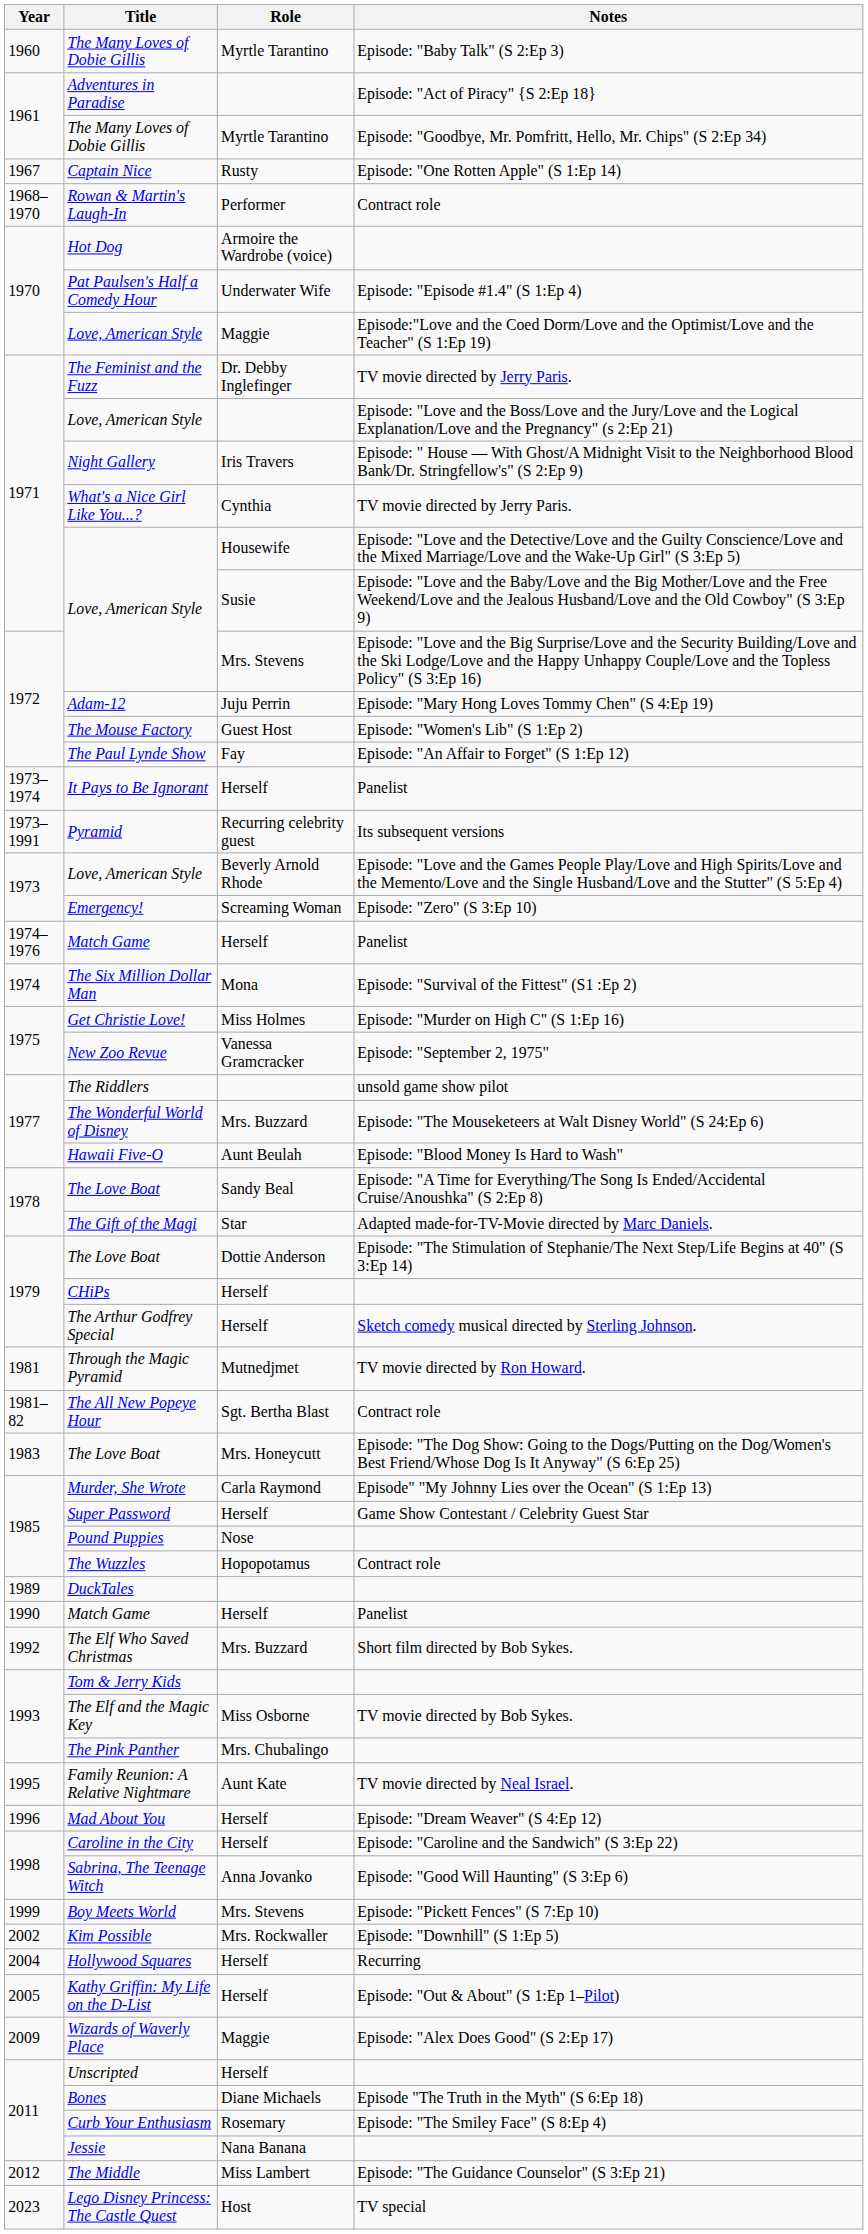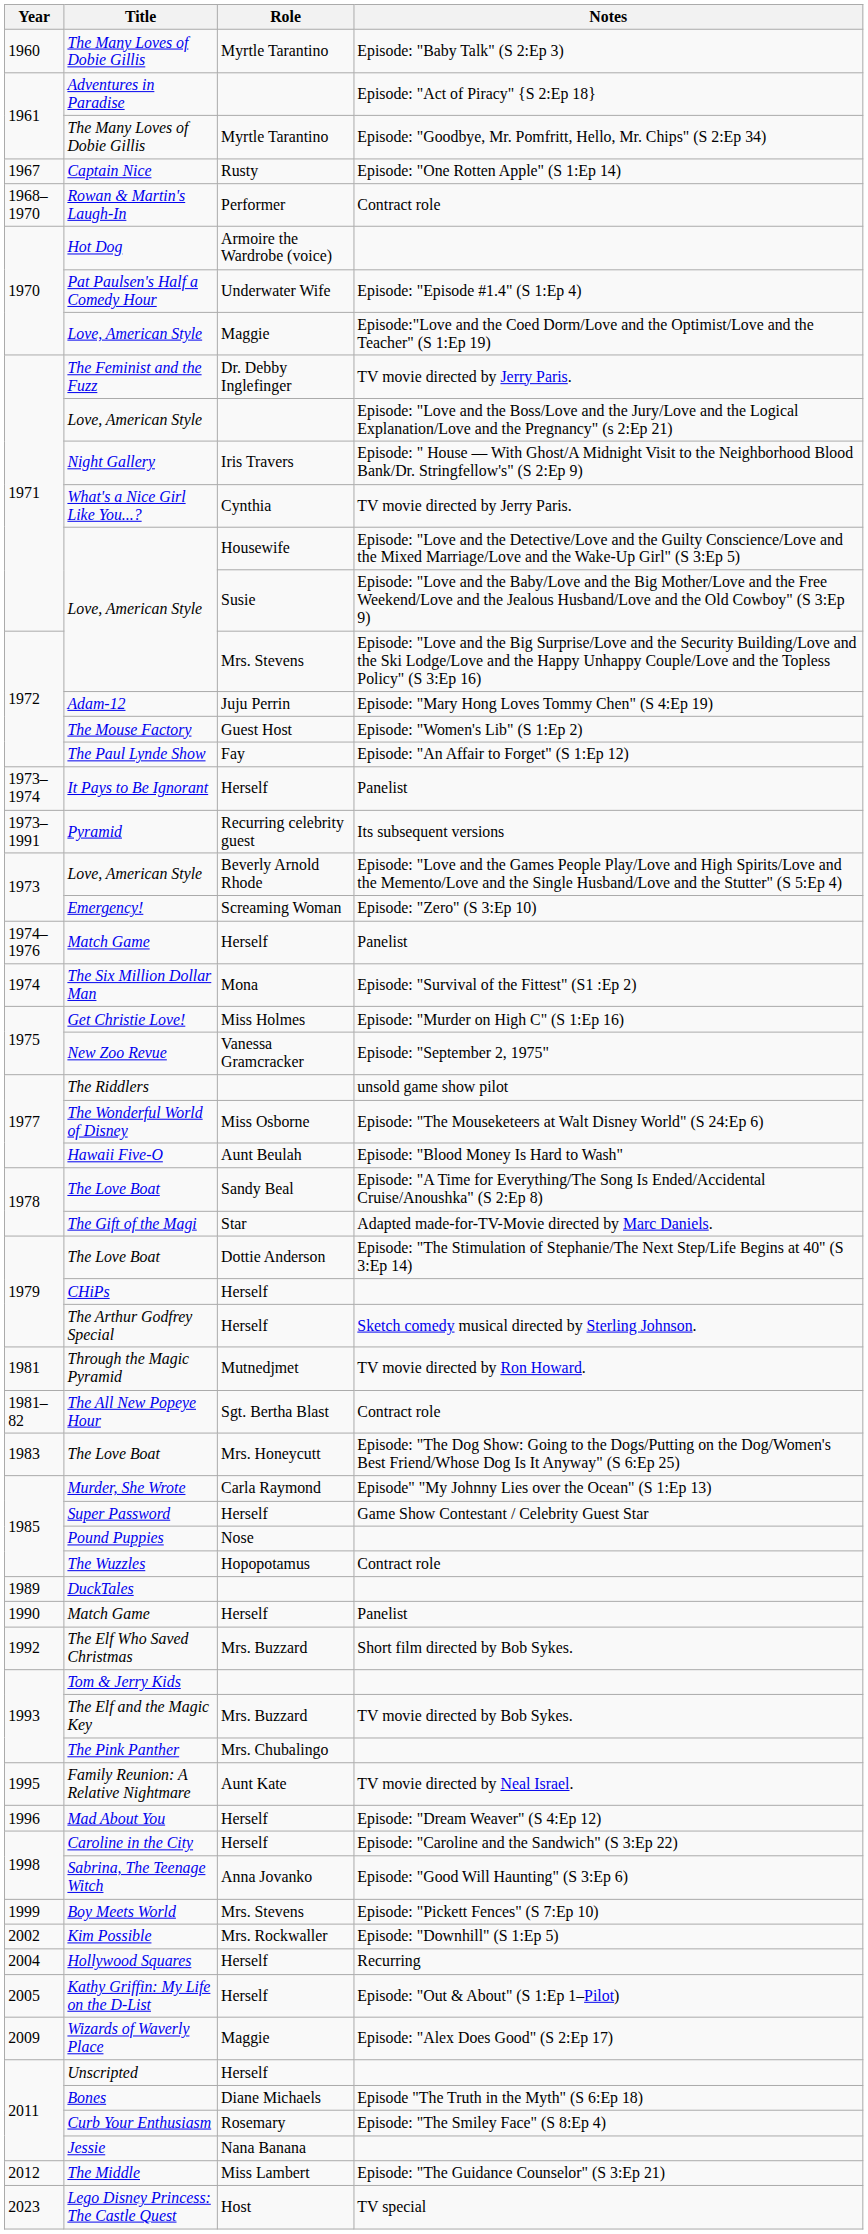 <table class="wikitable">
 <tr>
 <th>Year</th>
 <th>Title</th>
 <th>Role</th>
 <th>Notes</th>
 </tr>
 <tr>
 <td>1960</td>
 <td><em><a href='#'>The Many Loves of Dobie Gillis</a></em></td>
 <td>Myrtle Tarantino</td>
 <td>Episode: "Baby Talk" (S 2:Ep 3)</td>
 </tr>
 <tr>
 <td rowspan="2">1961</td>
 <td><em><a href='#'>Adventures in Paradise</a></em></td>
 <td></td>
 <td>Episode: "Act of Piracy" {S 2:Ep 18}</td>
 </tr>
 <tr>
 <td><em>The Many Loves of Dobie Gillis</em></td>
 <td>Myrtle Tarantino</td>
 <td>Episode: "Goodbye, Mr. Pomfritt, Hello, Mr. Chips" (S 2:Ep 34)</td>
 </tr>
 <tr>
 <td>1967</td>
 <td><em><a href='#'>Captain Nice</a></em></td>
 <td>Rusty</td>
 <td>Episode: "One Rotten Apple" (S 1:Ep 14)</td>
 </tr>
 <tr>
 <td>1968–1970</td>
 <td><em><a href='#'>Rowan & Martin's Laugh-In</a></em></td>
 <td>Performer</td>
 <td>Contract role</td>
 </tr>
 <tr>
 <td rowspan="3">1970</td>
 <td><em><a href='#'>Hot Dog</a></em></td>
 <td>Armoire the Wardrobe (voice)</td>
 <td></td>
 </tr>
 <tr>
 <td><em><a href='#'>Pat Paulsen's Half a Comedy Hour</a></em></td>
 <td>Underwater Wife</td>
 <td>Episode: "Episode #1.4" (S 1:Ep 4)</td>
 </tr>
 <tr>
 <td><em><a href='#'>Love, American Style</a></em></td>
 <td>Maggie</td>
 <td>Episode:"Love and the Coed Dorm/Love and the Optimist/Love and the Teacher" (S 1:Ep 19)</td>
 </tr>
 <tr>
 <td rowspan="6">1971</td>
 <td><em><a href='#'>The Feminist and the Fuzz</a></em></td>
 <td>Dr. Debby Inglefinger</td>
 <td>TV movie directed by <a href='#'>Jerry Paris</a>.</td>
 </tr>
 <tr>
 <td><em>Love, American Style</em></td>
 <td></td>
 <td>Episode: "Love and the Boss/Love and the Jury/Love and the Logical Explanation/Love and the Pregnancy" (s 2:Ep 21)</td>
 </tr>
 <tr>
 <td><em><a href='#'>Night Gallery</a></em></td>
 <td>Iris Travers</td>
 <td>Episode: " House — With Ghost/A Midnight Visit to the Neighborhood Blood Bank/Dr. Stringfellow's" (S 2:Ep 9)</td>
 </tr>
 <tr>
 <td><em><a href='#'>What's a Nice Girl Like You...?</a></em></td>
 <td>Cynthia</td>
 <td>TV movie directed by Jerry Paris.</td>
 </tr>
 <tr>
 <td rowspan="3"><em>Love, American Style</em></td>
 <td>Housewife</td>
 <td>Episode: "Love and the Detective/Love and the Guilty Conscience/Love and the Mixed Marriage/Love and the Wake-Up Girl" (S 3:Ep 5)</td>
 </tr>
 <tr>
 <td>Susie</td>
 <td>Episode: "Love and the Baby/Love and the Big Mother/Love and the Free Weekend/Love and the Jealous Husband/Love and the Old Cowboy" (S 3:Ep 9)</td>
 </tr>
 <tr>
 <td rowspan="4">1972</td>
 <td>Mrs. Stevens</td>
 <td>Episode: "Love and the Big Surprise/Love and the Security Building/Love and the Ski Lodge/Love and the Happy Unhappy Couple/Love and the Topless Policy" (S 3:Ep 16)</td>
 </tr>
 <tr>
 <td><em><a href='#'>Adam-12</a></em></td>
 <td>Juju Perrin</td>
 <td>Episode: "Mary Hong Loves Tommy Chen" (S 4:Ep 19)</td>
 </tr>
 <tr>
 <td><em><a href='#'>The Mouse Factory</a></em></td>
 <td>Guest Host</td>
 <td>Episode: "Women's Lib" (S 1:Ep 2)</td>
 </tr>
 <tr>
 <td><em><a href='#'>The Paul Lynde Show</a></em></td>
 <td>Fay</td>
 <td>Episode: "An Affair to Forget" (S 1:Ep 12)</td>
 </tr>
 <tr>
 <td>1973–1974</td>
 <td><em><a href='#'>It Pays to Be Ignorant</a></em></td>
 <td>Herself</td>
 <td>Panelist</td>
 </tr>
 <tr>
 <td>1973–1991</td>
 <td><em><a href='#'>Pyramid</a></em></td>
 <td>Recurring celebrity guest</td>
 <td>Its subsequent versions</td>
 </tr>
 <tr>
 <td rowspan="2">1973</td>
 <td><em>Love, American Style</em></td>
 <td>Beverly Arnold Rhode</td>
 <td>Episode: "Love and the Games People Play/Love and High Spirits/Love and the Memento/Love and the Single Husband/Love and the Stutter" (S 5:Ep 4)</td>
 </tr>
 <tr>
 <td><em><a href='#'>Emergency!</a></em></td>
 <td>Screaming Woman</td>
 <td>Episode: "Zero" (S 3:Ep 10)</td>
 </tr>
 <tr>
 <td>1974–1976</td>
 <td><em><a href='#'>Match Game</a></em></td>
 <td>Herself</td>
 <td>Panelist</td>
 </tr>
 <tr>
 <td>1974</td>
 <td><em><a href='#'>The Six Million Dollar Man</a></em></td>
 <td>Mona</td>
 <td>Episode: "Survival of the Fittest" (S1 :Ep 2)</td>
 </tr>
 <tr>
 <td rowspan="2">1975</td>
 <td><em><a href='#'>Get Christie Love!</a></em></td>
 <td>Miss Holmes</td>
 <td>Episode: "Murder on High C" (S 1:Ep 16)</td>
 </tr>
 <tr>
 <td><em><a href='#'>New Zoo Revue</a></em></td>
 <td>Vanessa Gramcracker</td>
 <td>Episode: "September 2, 1975"</td>
 </tr>
 <tr>
 <td rowspan="3">1977</td>
 <td><em>The Riddlers</em></td>
 <td></td>
 <td>unsold game show pilot</td>
 </tr>
 <tr>
 <td><em><a href='#'>The Wonderful World of Disney</a></em></td>
-<td>Mrs. Buzzard</td>
+<td>Miss Osborne</td>
 <td>Episode: "The Mouseketeers at Walt Disney World" (S 24:Ep 6)</td>
 </tr>
 <tr>
 <td><em><a href='#'>Hawaii Five-O</a></em></td>
 <td>Aunt Beulah</td>
 <td>Episode: "Blood Money Is Hard to Wash"</td>
 </tr>
 <tr>
 <td rowspan="2">1978</td>
 <td><em><a href='#'>The Love Boat</a></em></td>
 <td>Sandy Beal</td>
 <td>Episode: "A Time for Everything/The Song Is Ended/Accidental Cruise/Anoushka" (S 2:Ep 8)</td>
 </tr>
 <tr>
 <td><em><a href='#'>The Gift of the Magi</a></em></td>
 <td>Star</td>
 <td>Adapted made-for-TV-Movie directed by <a href='#'>Marc Daniels</a>.</td>
 </tr>
 <tr>
 <td rowspan="3">1979</td>
 <td><em>The Love Boat</em></td>
 <td>Dottie Anderson</td>
 <td>Episode: "The Stimulation of Stephanie/The Next Step/Life Begins at 40" (S 3:Ep 14)</td>
 </tr>
 <tr>
 <td><em><a href='#'>CHiPs</a></em></td>
 <td>Herself</td>
 <td></td>
 </tr>
 <tr>
 <td><em>The Arthur Godfrey Special</em></td>
 <td>Herself</td>
 <td><a href='#'>Sketch comedy</a> musical directed by <a href='#'>Sterling Johnson</a>.</td>
 </tr>
 <tr>
 <td>1981</td>
 <td><em>Through the Magic Pyramid</em></td>
 <td>Mutnedjmet</td>
 <td>TV movie directed by <a href='#'>Ron Howard</a>.</td>
 </tr>
 <tr>
 <td>1981–82</td>
 <td><em><a href='#'>The All New Popeye Hour</a></em></td>
 <td>Sgt. Bertha Blast</td>
 <td>Contract role</td>
 </tr>
 <tr>
 <td>1983</td>
 <td><em>The Love Boat</em></td>
 <td>Mrs. Honeycutt</td>
 <td>Episode: "The Dog Show: Going to the Dogs/Putting on the Dog/Women's Best Friend/Whose Dog Is It Anyway" (S 6:Ep 25)</td>
 </tr>
 <tr>
 <td rowspan="4">1985</td>
 <td><em><a href='#'>Murder, She Wrote</a></em></td>
 <td>Carla Raymond</td>
 <td>Episode" "My Johnny Lies over the Ocean" (S 1:Ep 13)</td>
 </tr>
 <tr>
 <td><em><a href='#'>Super Password</a></em></td>
 <td>Herself</td>
 <td>Game Show Contestant / Celebrity Guest Star</td>
 </tr>
 <tr>
 <td><em><a href='#'>Pound Puppies</a></em></td>
 <td>Nose</td>
 <td></td>
 </tr>
 <tr>
 <td><em><a href='#'>The Wuzzles</a></em></td>
 <td>Hopopotamus</td>
 <td>Contract role</td>
 </tr>
 <tr>
 <td>1989</td>
 <td><em><a href='#'>DuckTales</a></em></td>
 <td></td>
 <td></td>
 </tr>
 <tr>
 <td>1990</td>
 <td><em>Match Game</em></td>
 <td>Herself</td>
 <td>Panelist</td>
 </tr>
 <tr>
 <td>1992</td>
 <td><em>The Elf Who Saved Christmas</em></td>
 <td>Mrs. Buzzard</td>
 <td>Short film directed by Bob Sykes.</td>
 </tr>
 <tr>
 <td rowspan="3">1993</td>
 <td><em><a href='#'>Tom & Jerry Kids</a></em></td>
 <td></td>
 <td></td>
 </tr>
 <tr>
 <td><em>The Elf and the Magic Key</em></td>
-<td>Miss Osborne</td>
+<td>Mrs. Buzzard</td>
 <td>TV movie directed by Bob Sykes.</td>
 </tr>
 <tr>
 <td><em><a href='#'>The Pink Panther</a></em></td>
 <td>Mrs. Chubalingo</td>
 <td></td>
 </tr>
 <tr>
 <td>1995</td>
 <td><em>Family Reunion: A Relative Nightmare</em></td>
 <td>Aunt Kate</td>
 <td>TV movie directed by <a href='#'>Neal Israel</a>.</td>
 </tr>
 <tr>
 <td>1996</td>
 <td><em><a href='#'>Mad About You</a></em></td>
 <td>Herself</td>
 <td>Episode: "Dream Weaver" (S 4:Ep 12)</td>
 </tr>
 <tr>
 <td rowspan="2">1998</td>
 <td><em><a href='#'>Caroline in the City</a></em></td>
 <td>Herself</td>
 <td>Episode: "Caroline and the Sandwich" (S 3:Ep 22)</td>
 </tr>
 <tr>
 <td><em><a href='#'>Sabrina, The Teenage Witch</a></em></td>
 <td>Anna Jovanko</td>
 <td>Episode: "Good Will Haunting" (S 3:Ep 6)</td>
 </tr>
 <tr>
 <td>1999</td>
 <td><em><a href='#'>Boy Meets World</a></em></td>
 <td>Mrs. Stevens</td>
 <td>Episode: "Pickett Fences" (S 7:Ep 10)</td>
 </tr>
 <tr>
 <td>2002</td>
 <td><em><a href='#'>Kim Possible</a></em></td>
 <td>Mrs. Rockwaller</td>
 <td>Episode: "Downhill" (S 1:Ep 5)</td>
 </tr>
 <tr>
 <td>2004</td>
 <td><em><a href='#'>Hollywood Squares</a></em></td>
 <td>Herself</td>
 <td>Recurring</td>
 </tr>
 <tr>
 <td>2005</td>
 <td><em><a href='#'>Kathy Griffin: My Life on the D-List</a></em></td>
 <td>Herself</td>
 <td>Episode: "Out & About" (S 1:Ep 1–<a href='#'>Pilot</a>)</td>
 </tr>
 <tr>
 <td>2009</td>
 <td><em><a href='#'>Wizards of Waverly Place</a></em></td>
 <td>Maggie</td>
 <td>Episode: "Alex Does Good" (S 2:Ep 17)</td>
 </tr>
 <tr>
 <td rowspan="4">2011</td>
 <td><em>Unscripted</em></td>
 <td>Herself</td>
 <td></td>
 </tr>
 <tr>
 <td><em><a href='#'>Bones</a></em></td>
 <td>Diane Michaels</td>
 <td>Episode "The Truth in the Myth" (S 6:Ep 18)</td>
 </tr>
 <tr>
 <td><em><a href='#'>Curb Your Enthusiasm</a></em></td>
 <td>Rosemary</td>
 <td>Episode: "The Smiley Face" (S 8:Ep 4)</td>
 </tr>
 <tr>
 <td><em><a href='#'>Jessie</a></em></td>
 <td>Nana Banana</td>
 <td></td>
 </tr>
 <tr>
 <td>2012</td>
 <td><em><a href='#'>The Middle</a></em></td>
 <td>Miss Lambert</td>
 <td>Episode: "The Guidance Counselor" (S 3:Ep 21)</td>
 </tr>
 <tr>
 <td>2023</td>
 <td><em><a href='#'>Lego Disney Princess: The Castle Quest</a></em></td>
 <td>Host</td>
 <td>TV special</td>
 </tr>
 </table>
